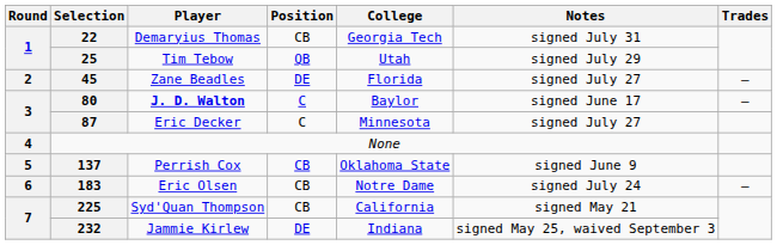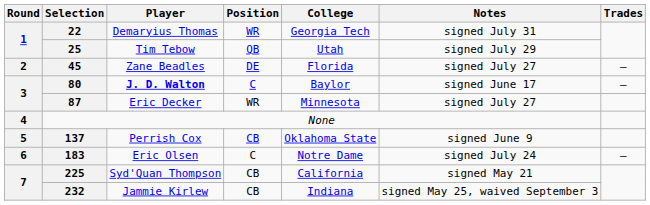 <table class="wikitable" style="text-align:center">
 <tr>
 <th>Round</th>
 <th>Selection</th>
 <th>Player</th>
 <th>Position</th>
 <th>College</th>
 <th>Notes</th>
 <th>Trades</th>
 </tr>
 <tr>
 <th rowspan="2"><a href='#'>1</a></th>
 <th>22</th>
 <td><a href='#'>Demaryius Thomas</a></td>
-<td>CB</td>
+<td><a href='#'>WR</a></td>
 <td><a href='#'>Georgia Tech</a></td>
 <td>signed July 31</td>
 <td rowspan="2">    </td>
 </tr>
 <tr>
 <th>25</th>
 <td><a href='#'>Tim Tebow</a></td>
 <td><a href='#'>QB</a></td>
 <td><a href='#'>Utah</a></td>
 <td>signed July 29</td>
 </tr>
 <tr>
 <th>2</th>
 <th>45</th>
 <td><a href='#'>Zane Beadles</a></td>
 <td><a href='#'>DE</a></td>
 <td><a href='#'>Florida</a></td>
 <td>signed July 27</td>
 <td>–</td>
 </tr>
 <tr>
 <th rowspan="2">3</th>
 <th>80</th>
 <td><strong><a href='#'>J. D. Walton</a></strong></td>
 <td><a href='#'>C</a></td>
 <td><a href='#'>Baylor</a></td>
 <td>signed June 17</td>
 <td>–</td>
 </tr>
 <tr>
 <th>87</th>
 <td><a href='#'>Eric Decker</a></td>
-<td>C</td>
+<td>WR</td>
 <td><a href='#'>Minnesota</a></td>
 <td>signed July 27</td>
 <td></td>
 </tr>
 <tr>
 <th>4</th>
 <td colspan="5"><em>None</em></td>
 <td></td>
 </tr>
 <tr>
 <th>5</th>
 <th>137</th>
 <td><a href='#'>Perrish Cox</a></td>
 <td><a href='#'>CB</a></td>
 <td><a href='#'>Oklahoma State</a></td>
 <td>signed June 9</td>
 <td>  </td>
 </tr>
 <tr>
 <th>6</th>
 <th>183</th>
 <td><a href='#'>Eric Olsen</a></td>
-<td>CB</td>
+<td>C</td>
 <td><a href='#'>Notre Dame</a></td>
 <td>signed July 24</td>
 <td>–</td>
 </tr>
 <tr>
 <th rowspan="2">7</th>
 <th>225</th>
 <td><a href='#'>Syd'Quan Thompson</a></td>
 <td>CB</td>
 <td><a href='#'>California</a></td>
 <td>signed May 21</td>
 <td rowspan="2">  </td>
 </tr>
 <tr>
 <th>232</th>
 <td><a href='#'>Jammie Kirlew</a></td>
-<td><a href='#'>DE</a></td>
+<td>CB</td>
 <td><a href='#'>Indiana</a></td>
 <td>signed May 25, waived September 3</td>
 </tr>
 </table>
